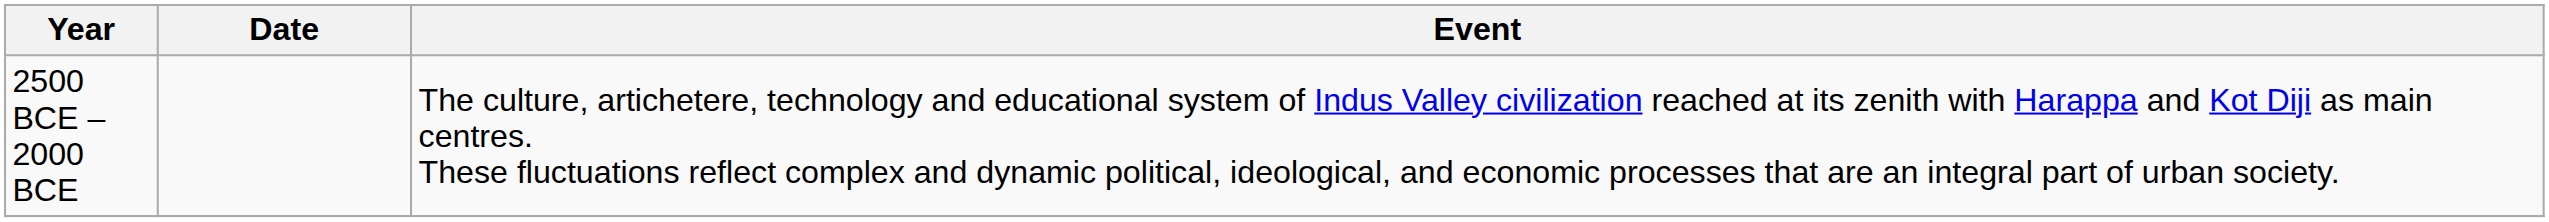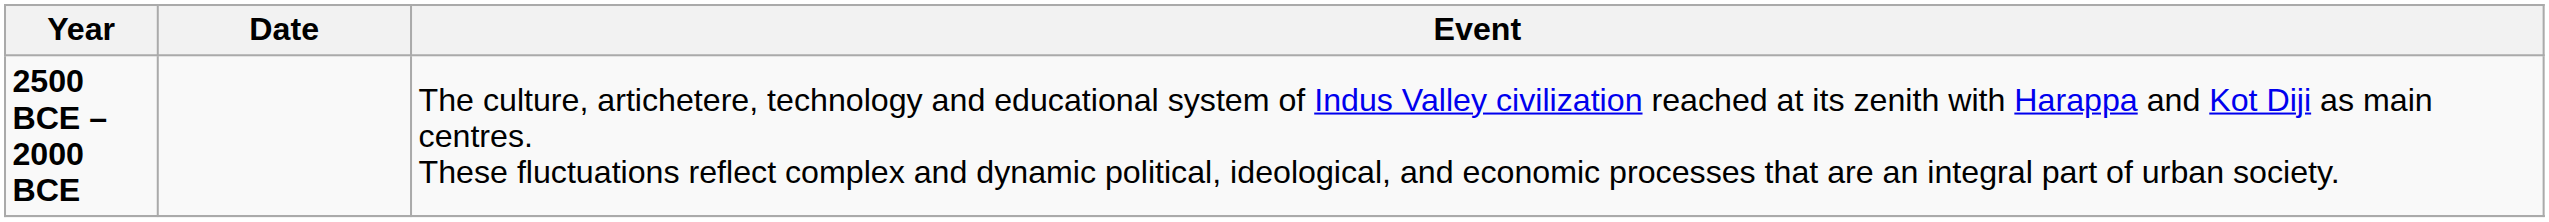 <table class="wikitable" style="width:100%">
 <tr>
 <th style="width:6%">Year</th>
 <th style="width:10%">Date</th>
 <th>Event</th>
 </tr>
 <tr>
-<td>2500 BCE – 2000 BCE</td>
+<td><strong>2500 BCE – 2000 BCE</strong></td>
 <td></td>
 <td>The culture, artichetere, technology and educational system of <a href='#'>Indus Valley civilization</a> reached at its zenith with <a href='#'>Harappa</a> and <a href='#'>Kot Diji</a> as main centres.<br>These fluctuations reflect complex and dynamic political, ideological, and economic processes that are an integral part of urban society.</td>
 </tr>
 <tr>
 </tr>
 </table>
